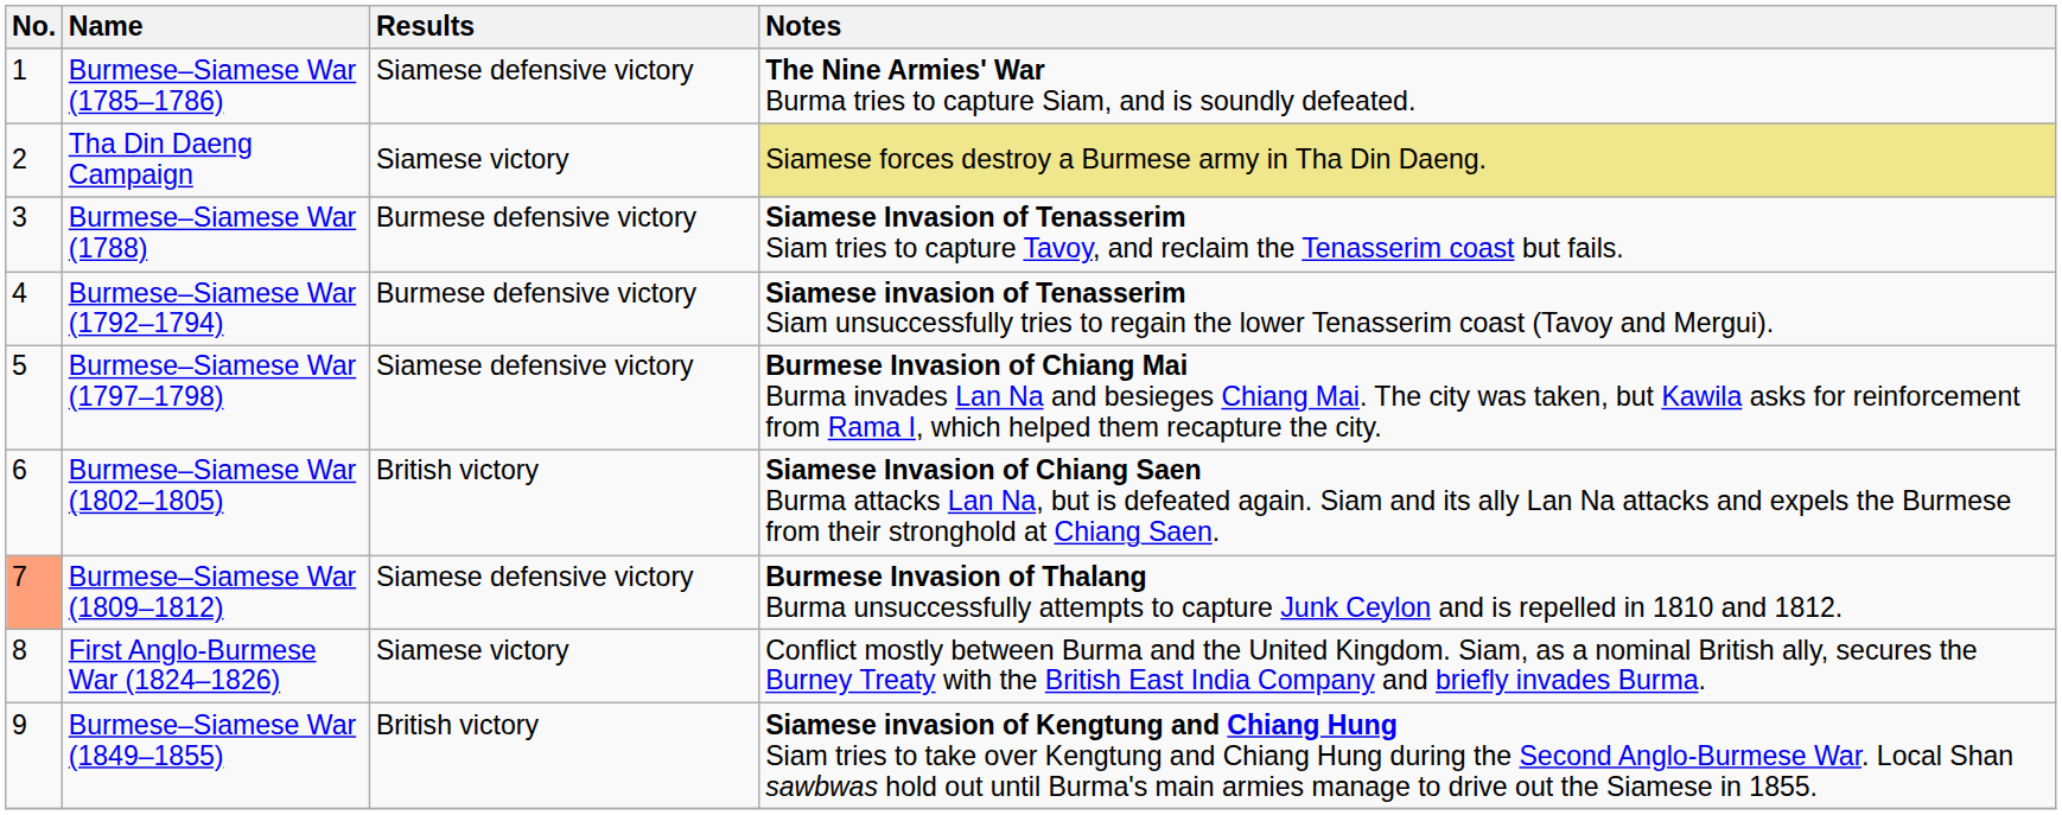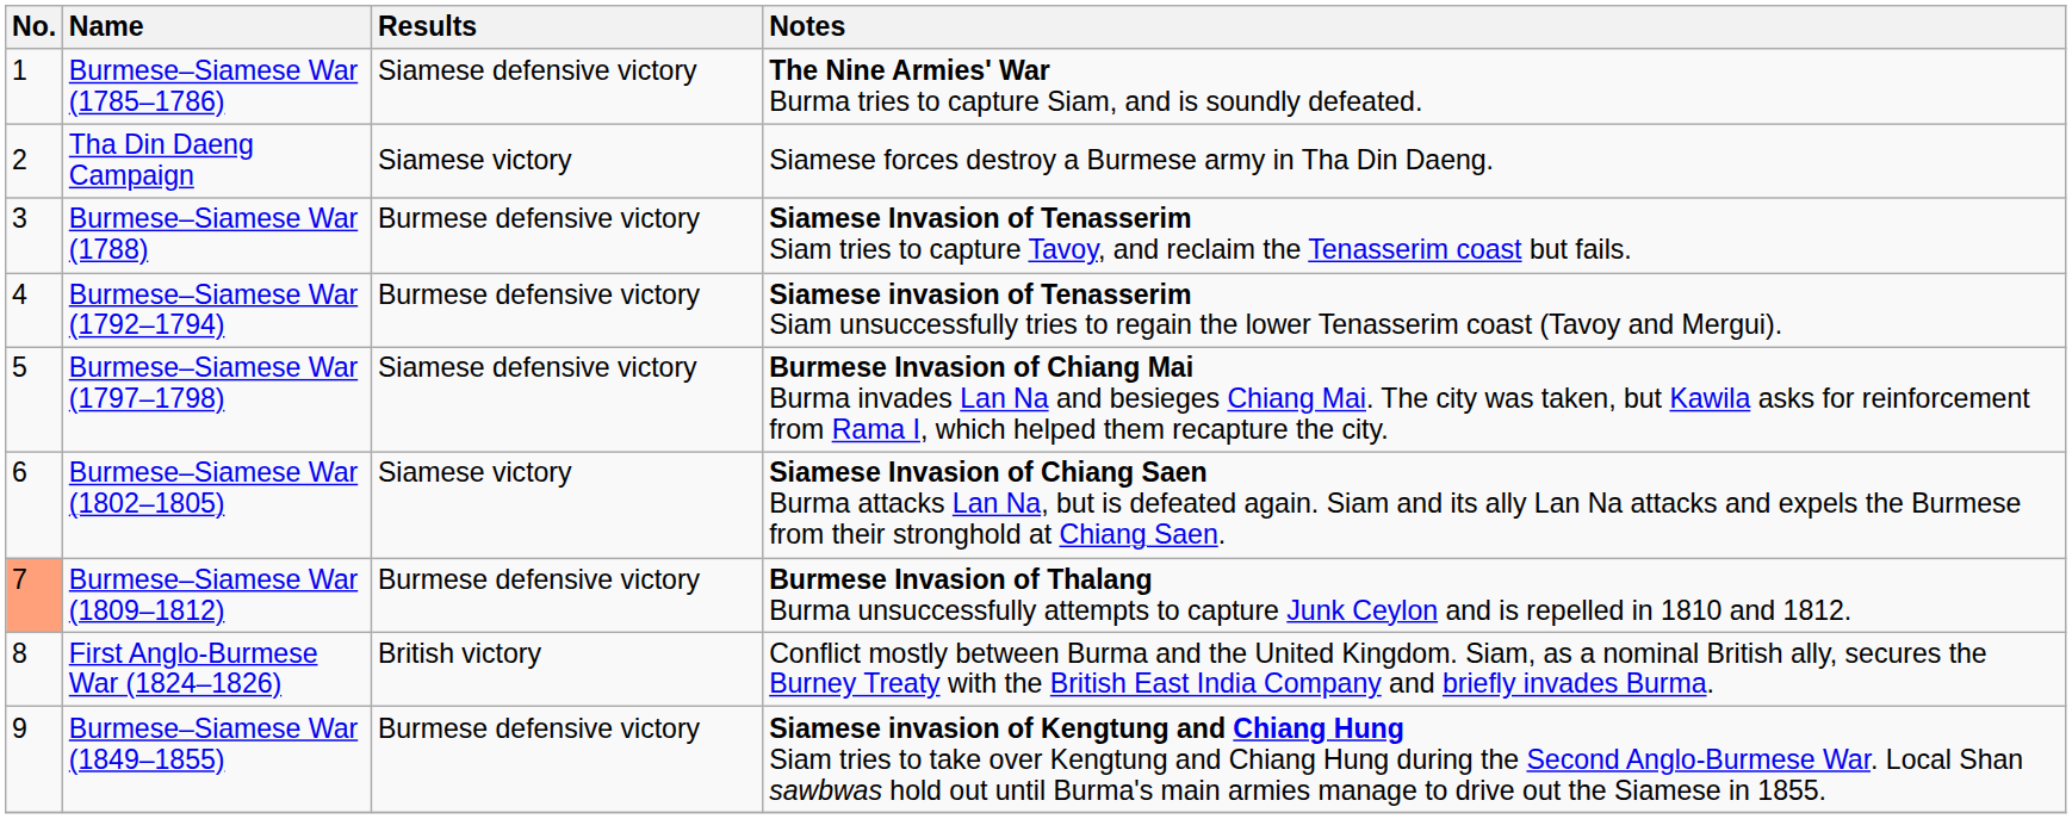 <table width=95% class="wikitable">
 <tr>
 <th style="text-align:left; width=1%">No.</th>
 <th width=15%; style="text-align:left">Name</th>
 <th width=19%; style="text-align:left;">Results</th>
 <th style="text-align:left; width=35%">Notes</th>
 </tr>
 <tr>
 <td style="vertical-align: top;">1</td>
 <td style="vertical-align: top;"><a href='#'>Burmese–Siamese War (1785–1786)</a></td>
 <td style="vertical-align: top;">Siamese defensive victory</td>
 <td><strong>The Nine Armies' War</strong><br>Burma tries to capture Siam, and is soundly defeated.</td>
 </tr>
 <tr>
 <td>2</td>
 <td><a href='#'>Tha Din Daeng Campaign</a></td>
 <td>Siamese victory</td>
-<td style="background: khaki;">Siamese forces destroy a Burmese army in Tha Din Daeng.</td>
+<td>Siamese forces destroy a Burmese army in Tha Din Daeng.</td>
 </tr>
 <tr>
 <td style="vertical-align: top;">3</td>
 <td style="vertical-align: top;"><a href='#'>Burmese–Siamese War (1788)</a></td>
 <td style="vertical-align: top;">Burmese defensive victory</td>
 <td><strong>Siamese Invasion of Tenasserim</strong><br>Siam tries to capture <a href='#'>Tavoy</a>, and reclaim the <a href='#'>Tenasserim coast</a> but fails.</td>
 </tr>
 <tr>
 <td style="vertical-align: top;">4</td>
 <td style="vertical-align: top;"><a href='#'>Burmese–Siamese War (1792–1794)</a></td>
 <td style="vertical-align: top;">Burmese defensive victory</td>
 <td><strong>Siamese invasion of Tenasserim</strong><br>Siam unsuccessfully tries to regain the lower Tenasserim coast (Tavoy and Mergui).</td>
 </tr>
 <tr>
 <td style="vertical-align: top;">5</td>
 <td style="vertical-align: top;"><a href='#'>Burmese–Siamese War (1797–1798)</a></td>
 <td style="vertical-align: top;">Siamese defensive victory</td>
 <td><strong>Burmese Invasion of Chiang Mai</strong><br>Burma invades <a href='#'>Lan Na</a> and besieges <a href='#'>Chiang Mai</a>. The city was taken, but <a href='#'>Kawila</a> asks for reinforcement from <a href='#'>Rama I</a>, which helped them recapture the city.</td>
 </tr>
 <tr>
 <td style="vertical-align: top;">6</td>
 <td style="vertical-align: top;"><a href='#'>Burmese–Siamese War (1802–1805)</a></td>
-<td style="vertical-align: top;">British victory</td>
+<td style="vertical-align: top;">Siamese victory</td>
 <td><strong>Siamese Invasion of Chiang Saen</strong><br>Burma attacks <a href='#'>Lan Na</a>, but is defeated again. Siam and its ally Lan Na attacks and expels the Burmese from their stronghold at <a href='#'>Chiang Saen</a>.</td>
 </tr>
 <tr>
 <td style="background: lightsalmon; vertical-align: top;">7</td>
 <td style="vertical-align: top;"><a href='#'>Burmese–Siamese War (1809–1812)</a></td>
-<td style="vertical-align: top;">Siamese defensive victory</td>
+<td style="vertical-align: top;">Burmese defensive victory</td>
 <td><strong>Burmese Invasion of Thalang</strong><br>Burma unsuccessfully attempts to capture <a href='#'>Junk Ceylon</a> and is repelled in 1810 and 1812.</td>
 </tr>
 <tr>
 <td style="vertical-align: top;">8</td>
 <td style="vertical-align: top;"><a href='#'>First Anglo-Burmese War (1824–1826)</a></td>
-<td style="vertical-align: top;">Siamese victory</td>
+<td style="vertical-align: top;">British victory</td>
 <td>Conflict mostly between Burma and the United Kingdom. Siam, as a nominal British ally, secures the <a href='#'>Burney Treaty</a> with the <a href='#'>British East India Company</a> and <a href='#'>briefly invades Burma</a>.</td>
 </tr>
 <tr>
 <td style="vertical-align: top;">9</td>
 <td style="vertical-align: top;"><a href='#'>Burmese–Siamese War (1849–1855)</a></td>
-<td style="vertical-align: top;">British victory</td>
+<td style="vertical-align: top;">Burmese defensive victory</td>
 <td><strong>Siamese invasion of Kengtung and <a href='#'>Chiang Hung</a></strong><br> Siam tries to take over Kengtung and Chiang Hung during the <a href='#'>Second Anglo-Burmese War</a>. Local Shan <em>sawbwas</em> hold out until Burma's main armies manage to drive out the Siamese in 1855.</td>
 </tr>
 <tr>
 </tr>
 </table>
